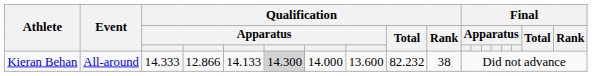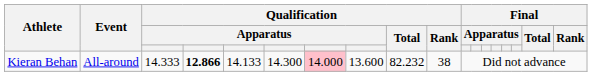 <table class="wikitable" style="font-size:90%">
 <tr>
 <th rowspan=3>Athlete</th>
 <th rowspan=3>Event</th>
 <th colspan =8>Qualification</th>
 <th colspan =8>Final</th>
 </tr>
 <tr style="font-size:95%">
 <th colspan=6>Apparatus</th>
 <th rowspan=2>Total</th>
 <th rowspan=2>Rank</th>
 <th colspan=6>Apparatus</th>
 <th rowspan=2>Total</th>
 <th rowspan=2>Rank</th>
 </tr>
 <tr style="font-size:95%">
 <th></th>
 <th></th>
 <th></th>
 <th></th>
 <th></th>
 <th></th>
 <th></th>
 <th></th>
 <th></th>
 <th></th>
 <th></th>
 <th></th>
 </tr>
 <tr align=center>
 <td align=left><a href='#'>Kieran Behan</a></td>
 <td align=left><a href='#'>All-around</a></td>
 <td>14.333</td>
-<td>12.866</td>
+<td><strong>12.866</strong></td>
 <td>14.133</td>
-<td style="background: lightgrey;">14.300</td>
-<td>14.000</td>
+<td>14.300</td>
+<td style="background: pink;">14.000</td>
 <td>13.600</td>
 <td>82.232</td>
 <td>38</td>
 <td colspan=8>Did not advance</td>
 </tr>
 </table>
